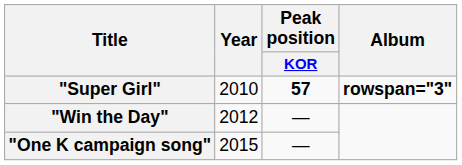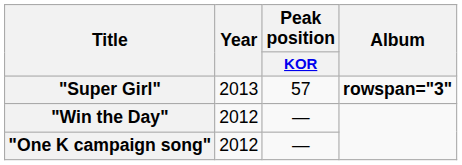 <table class="wikitable plainrowheaders" style="text-align:center;">
 <tr>
 <th scope="col" rowspan="2">Title</th>
 <th scope="col" rowspan="2">Year</th>
 <th scope="col" colspan="1">Peak<br>position</th>
 <th scope="col" rowspan="2">Album</th>
 </tr>
 <tr>
 <th scope="col" style="width:3em;font-size:85%;"><a href='#'>KOR</a><br></th>
 </tr>
 <tr>
 <th scope="row">"Super Girl" </th>
-<td>2010</td>
-<td><strong>57</strong></td>
+<td>2013</td>
+<td>57</td>
 <td><strong>rowspan="3" </strong></td>
 </tr>
 <tr>
 <th scope="row">"Win the Day" </th>
 <td>2012</td>
 <td>—</td>
 </tr>
 <tr>
 <th scope="row">"One K campaign song" </th>
-<td>2015</td>
+<td>2012</td>
 <td>—</td>
 </tr>
 </table>
